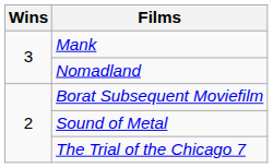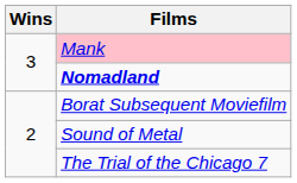 <table class="wikitable">
 <tr>
 <th>Wins</th>
 <th>Films</th>
 </tr>
 <tr>
 <td rowspan="2" style="text-align:center">3</td>
-<td><em><a href='#'>Mank</a></em></td>
+<td style="background: pink;"><em><a href='#'>Mank</a></em></td>
 </tr>
 <tr>
-<td><em><a href='#'>Nomadland</a></em></td>
+<td><strong><em><a href='#'>Nomadland</a></em></strong></td>
 </tr>
 <tr>
 <td rowspan="3" style="text-align:center">2</td>
 <td><em><a href='#'>Borat Subsequent Moviefilm</a></em></td>
 </tr>
 <tr>
 <td><em><a href='#'>Sound of Metal</a></em></td>
 </tr>
 <tr>
 <td><em><a href='#'>The Trial of the Chicago 7</a></em></td>
 </tr>
 </table>
